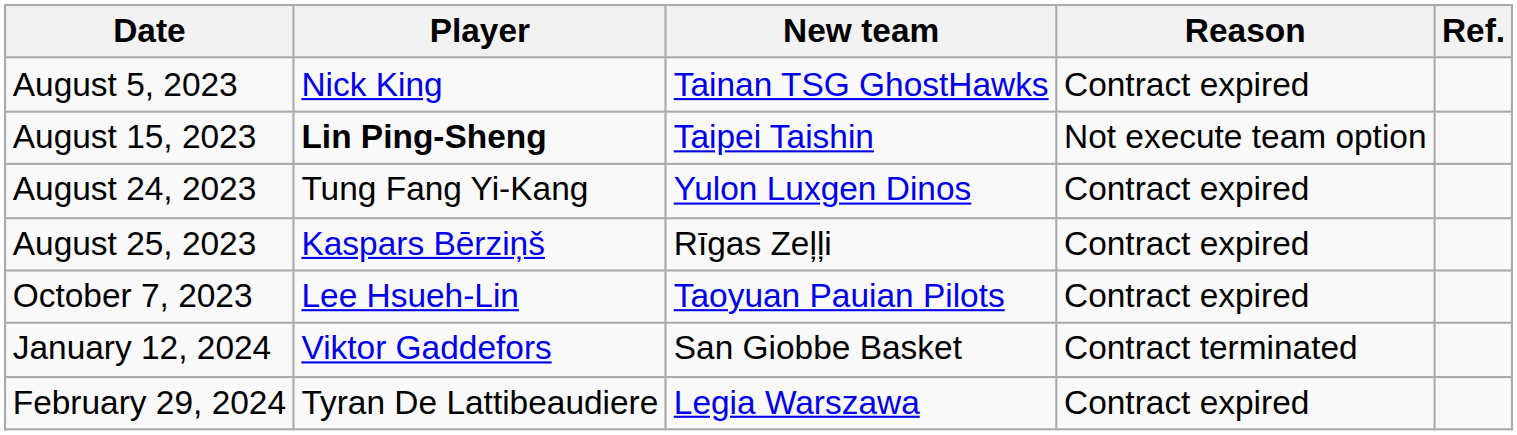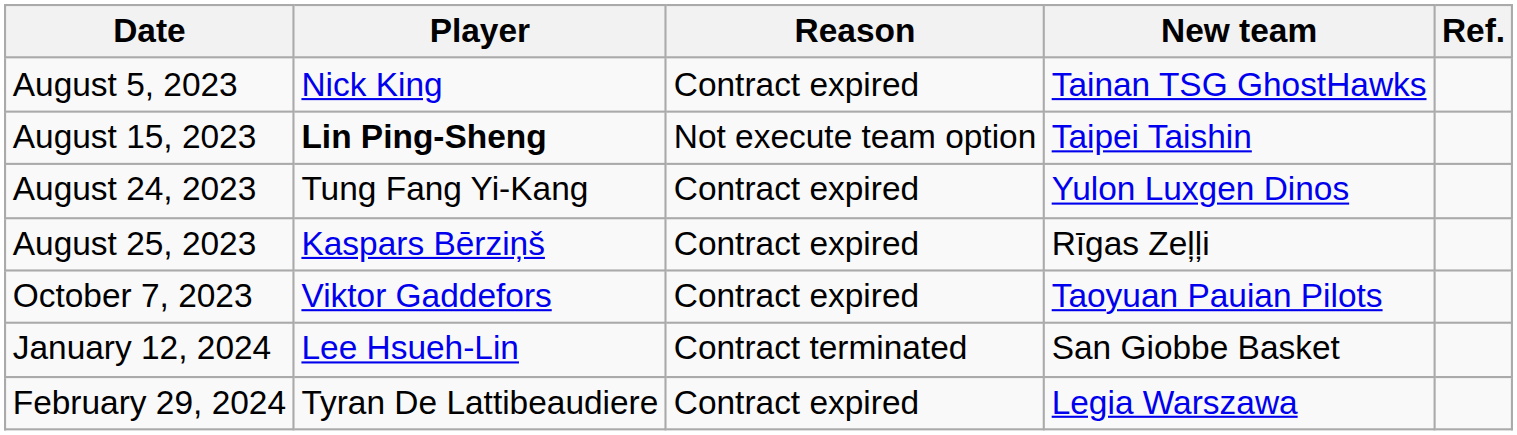 <table class="wikitable">
 <tr>
 <th>Date</th>
 <th>Player</th>
+<th>Reason</th>
 <th>New team</th>
-<th>Reason</th>
 <th>Ref.</th>
 </tr>
 <tr>
 <td>August 5, 2023</td>
 <td><a href='#'>Nick King</a></td>
+<td>Contract expired</td>
 <td> <a href='#'>Tainan TSG GhostHawks</a></td>
-<td>Contract expired</td>
 <td></td>
 </tr>
 <tr>
 <td>August 15, 2023</td>
 <td><strong>Lin Ping-Sheng</strong></td>
+<td>Not execute team option</td>
 <td> <a href='#'>Taipei Taishin</a></td>
-<td>Not execute team option</td>
 <td></td>
 </tr>
 <tr>
 <td>August 24, 2023</td>
 <td>Tung Fang Yi-Kang</td>
+<td>Contract expired</td>
 <td> <a href='#'>Yulon Luxgen Dinos</a></td>
-<td>Contract expired</td>
 <td></td>
 </tr>
 <tr>
 <td>August 25, 2023</td>
 <td><a href='#'>Kaspars Bērziņš</a></td>
+<td>Contract expired</td>
 <td> Rīgas Zeļļi</td>
-<td>Contract expired</td>
 <td></td>
 </tr>
 <tr>
 <td>October 7, 2023</td>
-<td><a href='#'>Lee Hsueh-Lin</a></td>
+<td><a href='#'>Viktor Gaddefors</a></td>
+<td>Contract expired</td>
 <td> <a href='#'>Taoyuan Pauian Pilots</a></td>
-<td>Contract expired</td>
 <td></td>
 </tr>
 <tr>
 <td>January 12, 2024</td>
-<td><a href='#'>Viktor Gaddefors</a></td>
+<td><a href='#'>Lee Hsueh-Lin</a></td>
+<td>Contract terminated</td>
 <td> San Giobbe Basket</td>
-<td>Contract terminated</td>
 <td></td>
 </tr>
 <tr>
 <td>February 29, 2024</td>
 <td>Tyran De Lattibeaudiere</td>
+<td>Contract expired</td>
 <td> <a href='#'>Legia Warszawa</a></td>
-<td>Contract expired</td>
 <td></td>
 </tr>
 </table>
